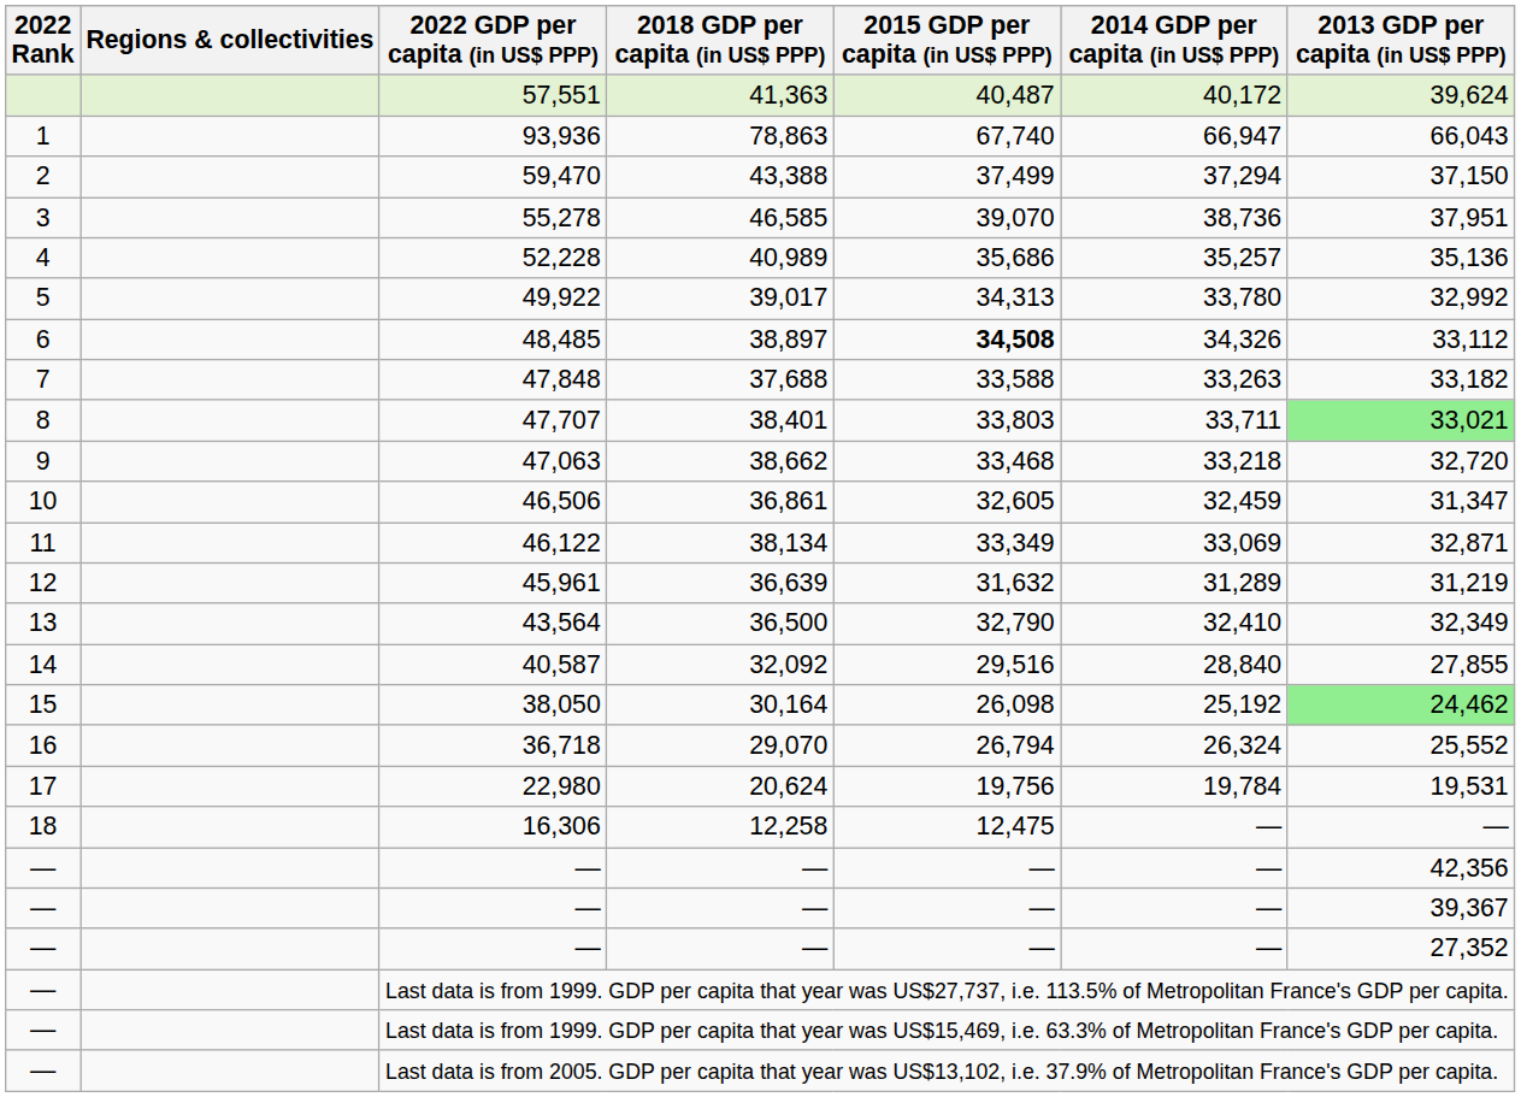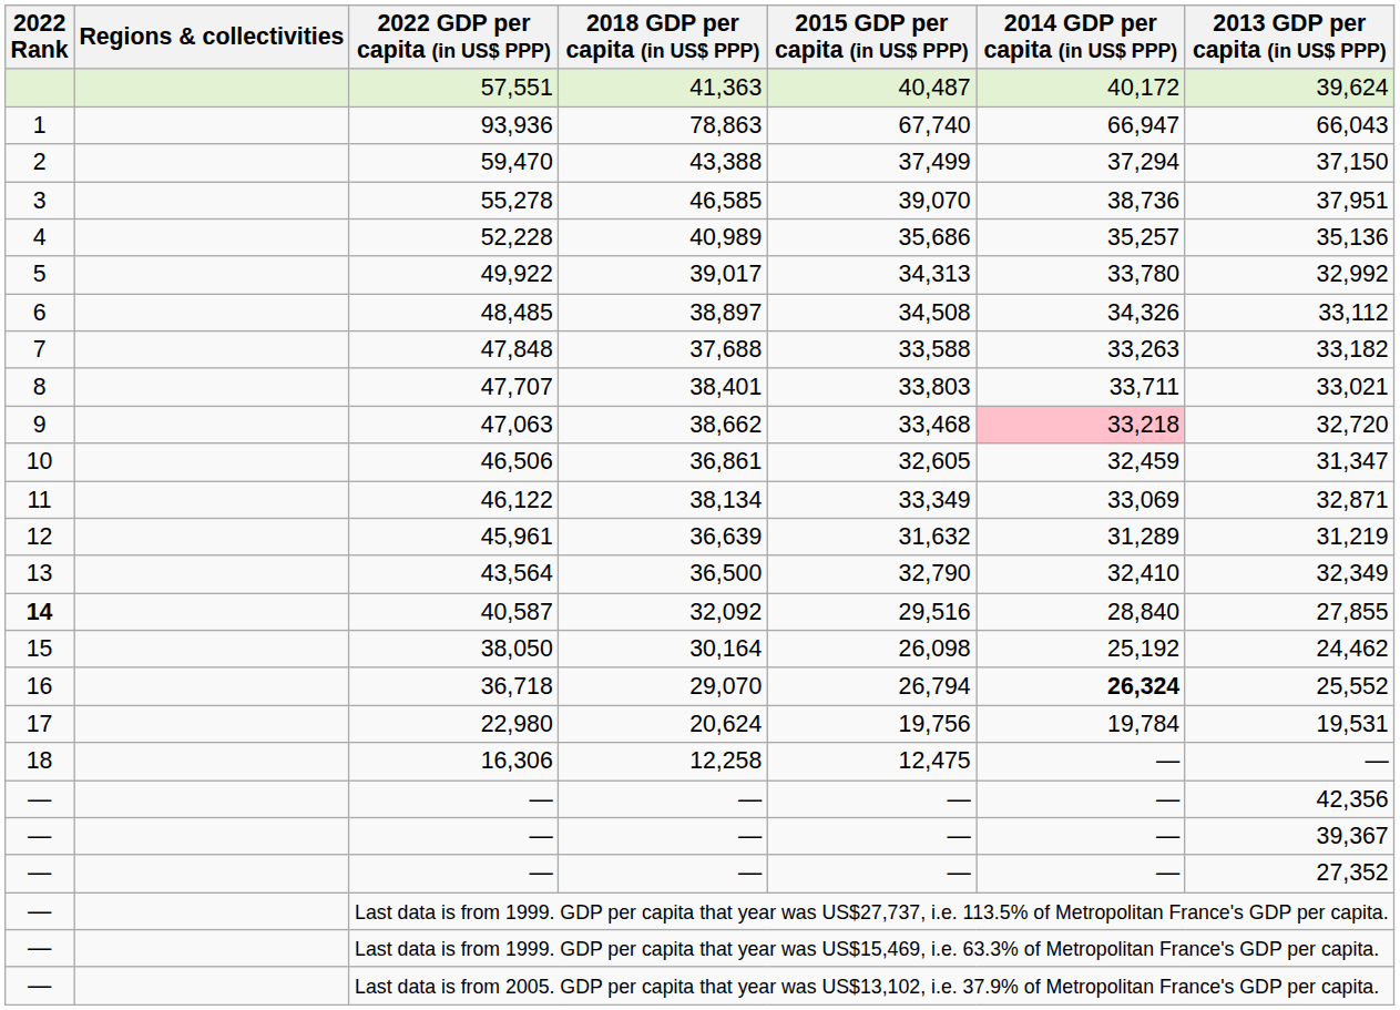 <table class="wikitable sortable">
 <tr align=center bgcolor=#CCCCCC>
 <th>2022<br>Rank</th>
 <th>Regions & collectivities</th>
 <th>2022 GDP per<br>capita <small>(in US$ PPP)</small></th>
 <th>2018 GDP per<br>capita <small>(in US$ PPP)</small></th>
 <th>2015 GDP per<br>capita <small>(in US$ PPP)</small></th>
 <th>2014 GDP per<br>capita <small>(in US$ PPP)</small></th>
 <th>2013 GDP per<br>capita <small>(in US$ PPP)</small></th>
 </tr>
 <tr align="right" bgcolor="#E2F2D2">
 <td></td>
 <td align="left"></td>
 <td>57,551</td>
 <td>41,363</td>
 <td>40,487</td>
 <td>40,172</td>
 <td>39,624</td>
 </tr>
 <tr align="right">
 <td align="center">1</td>
 <td align="left"></td>
 <td>93,936</td>
 <td>78,863</td>
 <td>67,740</td>
 <td>66,947</td>
 <td>66,043</td>
 </tr>
 <tr align="right">
 <td align="center">2</td>
 <td align="left"></td>
 <td>59,470</td>
 <td>43,388</td>
 <td>37,499</td>
 <td>37,294</td>
 <td>37,150</td>
 </tr>
 <tr align="right">
 <td align="center">3</td>
 <td align="left"></td>
 <td>55,278</td>
 <td>46,585</td>
 <td>39,070</td>
 <td>38,736</td>
 <td>37,951</td>
 </tr>
 <tr align="right">
 <td align="center">4</td>
 <td align="left"></td>
 <td>52,228</td>
 <td>40,989</td>
 <td>35,686</td>
 <td>35,257</td>
 <td>35,136</td>
 </tr>
 <tr align="right">
 <td align="center">5</td>
 <td align="left"></td>
 <td>49,922</td>
 <td>39,017</td>
 <td>34,313</td>
 <td>33,780</td>
 <td>32,992</td>
 </tr>
 <tr align="right">
 <td align="center">6</td>
 <td align="left"></td>
 <td>48,485</td>
 <td>38,897</td>
-<td><strong>34,508</strong></td>
+<td>34,508</td>
 <td>34,326</td>
 <td>33,112</td>
 </tr>
 <tr align="right">
 <td align="center">7</td>
 <td align="left"></td>
 <td>47,848</td>
 <td>37,688</td>
 <td>33,588</td>
 <td>33,263</td>
 <td>33,182</td>
 </tr>
 <tr align="right">
 <td align="center">8</td>
 <td align="left"></td>
 <td>47,707</td>
 <td>38,401</td>
 <td>33,803</td>
 <td>33,711</td>
-<td style="background: lightgreen;">33,021</td>
+<td>33,021</td>
 </tr>
 <tr align="right">
 <td align="center">9</td>
 <td align="left"></td>
 <td>47,063</td>
 <td>38,662</td>
 <td>33,468</td>
-<td>33,218</td>
+<td style="background: pink;">33,218</td>
 <td>32,720</td>
 </tr>
 <tr align="right">
 <td align="center">10</td>
 <td align="left"></td>
 <td>46,506</td>
 <td>36,861</td>
 <td>32,605</td>
 <td>32,459</td>
 <td>31,347</td>
 </tr>
 <tr align="right">
 <td align="center">11</td>
 <td align="left"></td>
 <td>46,122</td>
 <td>38,134</td>
 <td>33,349</td>
 <td>33,069</td>
 <td>32,871</td>
 </tr>
 <tr align="right">
 <td align="center">12</td>
 <td align="left"></td>
 <td>45,961</td>
 <td>36,639</td>
 <td>31,632</td>
 <td>31,289</td>
 <td>31,219</td>
 </tr>
 <tr align="right">
 <td align="center">13</td>
 <td align="left"></td>
 <td>43,564</td>
 <td>36,500</td>
 <td>32,790</td>
 <td>32,410</td>
 <td>32,349</td>
 </tr>
 <tr align="right">
-<td align="center">14</td>
+<td align="center"><strong>14</strong></td>
 <td align="left"></td>
 <td>40,587</td>
 <td>32,092</td>
 <td>29,516</td>
 <td>28,840</td>
 <td>27,855</td>
 </tr>
 <tr align="right">
 <td align="center">15</td>
 <td align="left"></td>
 <td>38,050</td>
 <td>30,164</td>
 <td>26,098</td>
 <td>25,192</td>
-<td style="background: lightgreen;">24,462</td>
+<td>24,462</td>
 </tr>
 <tr align="right">
 <td align="center">16</td>
 <td align="left"></td>
 <td>36,718</td>
 <td>29,070</td>
 <td>26,794</td>
-<td>26,324</td>
+<td><strong>26,324</strong></td>
 <td>25,552</td>
 </tr>
 <tr align="right">
 <td align="center">17</td>
 <td align="left"></td>
 <td>22,980</td>
 <td>20,624</td>
 <td>19,756</td>
 <td>19,784</td>
 <td>19,531</td>
 </tr>
 <tr align="right">
 <td align="center">18</td>
 <td align="left"></td>
 <td>16,306</td>
 <td>12,258</td>
 <td>12,475</td>
 <td>—</td>
 <td>—</td>
 </tr>
 <tr align="right">
 <td align="center">—</td>
 <td align="left"></td>
 <td>—</td>
 <td>—</td>
 <td>—</td>
 <td>—</td>
 <td>42,356</td>
 </tr>
 <tr align="right">
 <td align="center">—</td>
 <td align="left"></td>
 <td>—</td>
 <td>—</td>
 <td>—</td>
 <td>—</td>
 <td>39,367</td>
 </tr>
 <tr align="right">
 <td align="center">—</td>
 <td align="left"></td>
 <td>—</td>
 <td>—</td>
 <td>—</td>
 <td>—</td>
 <td>27,352</td>
 </tr>
 <tr align="left">
 <td align="center">—</td>
 <td></td>
 <td colspan="5"><small>Last data is from 1999. GDP per capita that year was US$27,737, i.e. 113.5% of Metropolitan France's GDP per capita.</small></td>
 </tr>
 <tr align="left">
 <td align="center">—</td>
 <td></td>
 <td colspan="5"><small>Last data is from 1999. GDP per capita that year was US$15,469, i.e. 63.3% of Metropolitan France's GDP per capita.</small></td>
 </tr>
 <tr align="left">
 <td align="center">—</td>
 <td></td>
 <td colspan="5"><small>Last data is from 2005. GDP per capita that year was US$13,102, i.e. 37.9% of Metropolitan France's GDP per capita.</small></td>
 </tr>
 </table>
